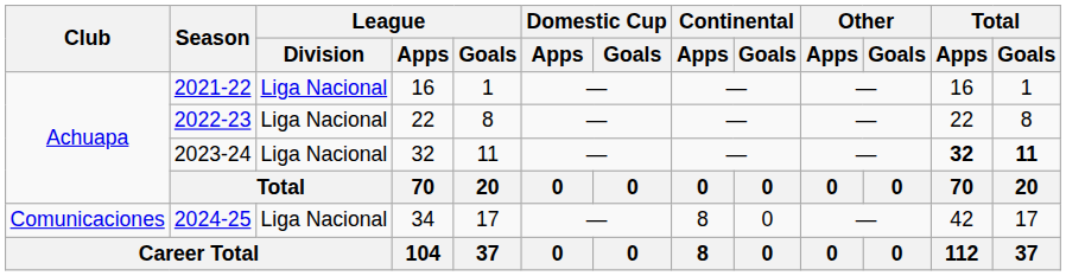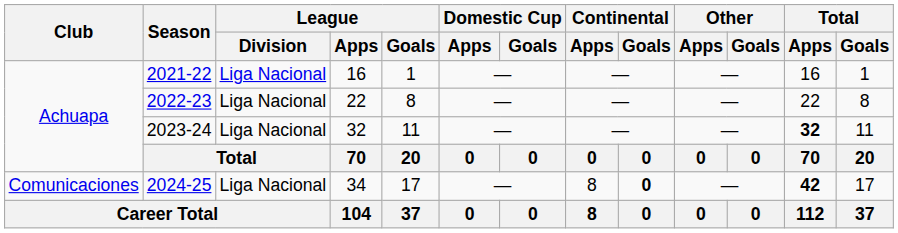 <table class=wikitable style=text-align:center>
 <tr>
 <th rowspan=2>Club</th>
 <th rowspan=2>Season</th>
 <th colspan=3>League</th>
 <th colspan=2>Domestic Cup</th>
 <th colspan=2>Continental</th>
 <th colspan=2>Other</th>
 <th colspan=2>Total</th>
 </tr>
 <tr>
 <th>Division</th>
 <th>Apps</th>
 <th>Goals</th>
 <th>Apps</th>
 <th>Goals</th>
 <th>Apps</th>
 <th>Goals</th>
 <th>Apps</th>
 <th>Goals</th>
 <th>Apps</th>
 <th>Goals</th>
 </tr>
 <tr>
 <td rowspan=4><a href='#'>Achuapa</a></td>
 <td><a href='#'>2021-22</a></td>
 <td><a href='#'>Liga Nacional</a></td>
 <td>16</td>
 <td>1</td>
 <td colspan="2">—</td>
 <td colspan="2">—</td>
 <td colspan="2">—</td>
 <td>16</td>
 <td>1</td>
 </tr>
 <tr>
 <td><a href='#'>2022-23</a></td>
 <td>Liga Nacional</td>
 <td>22</td>
 <td>8</td>
 <td colspan="2">—</td>
 <td colspan="2">—</td>
 <td colspan="2">—</td>
 <td>22</td>
 <td>8</td>
 </tr>
 <tr>
 <td>2023-24</td>
 <td>Liga Nacional</td>
 <td>32</td>
 <td>11</td>
 <td colspan="2">—</td>
 <td colspan="2">—</td>
 <td colspan="2">—</td>
 <td><strong>32</strong></td>
-<td><strong>11</strong></td>
+<td>11</td>
 </tr>
 <tr>
 <th colspan="2">Total</th>
 <th>70</th>
 <th>20</th>
 <th>0</th>
 <th>0</th>
 <th>0</th>
 <th>0</th>
 <th>0</th>
 <th>0</th>
 <th>70</th>
 <th>20</th>
 </tr>
 <tr>
 <td><a href='#'>Comunicaciones</a></td>
 <td><a href='#'>2024-25</a></td>
 <td>Liga Nacional</td>
 <td>34</td>
 <td>17</td>
 <td colspan="2">—</td>
 <td>8</td>
-<td>0</td>
+<td><strong>0</strong></td>
 <td colspan="2">—</td>
-<td>42</td>
+<td><strong>42</strong></td>
 <td>17</td>
 </tr>
 <tr>
 <th colspan="3">Career Total</th>
 <th>104</th>
 <th>37</th>
 <th>0</th>
 <th>0</th>
 <th>8</th>
 <th>0</th>
 <th>0</th>
 <th>0</th>
 <th>112</th>
 <th>37</th>
 </tr>
 </table>
